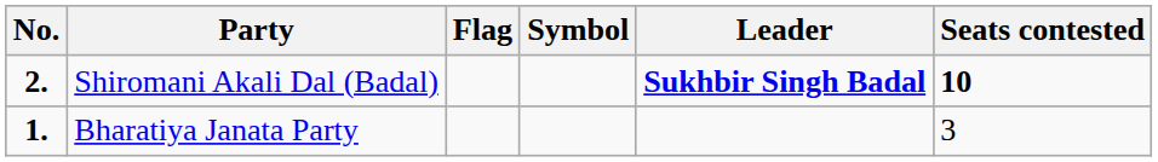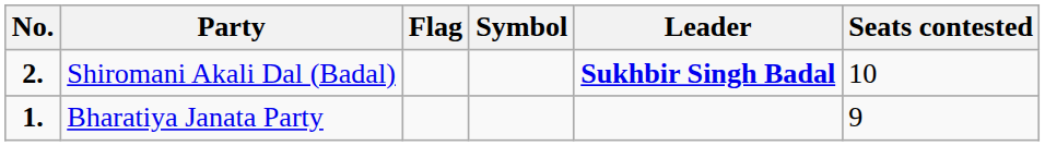 <table class="wikitable">
 <tr>
 <th>No.</th>
 <th>Party</th>
 <th>Flag</th>
 <th>Symbol</th>
 <th>Leader</th>
 <th>Seats contested</th>
 </tr>
 <tr>
 <td style="text-align:center; background:"><strong>2.</strong></td>
 <td><a href='#'>Shiromani Akali Dal (Badal)</a></td>
 <td></td>
 <td></td>
 <td><strong><a href='#'>Sukhbir Singh Badal</a></strong></td>
-<td><strong>10</strong></td>
+<td>10</td>
 </tr>
 <tr>
 <td style="text-align:center; background:"><strong>1.</strong></td>
 <td><a href='#'>Bharatiya Janata Party</a></td>
 <td></td>
 <td></td>
 <td></td>
-<td>3</td>
+<td>9</td>
 </tr>
 </table>
